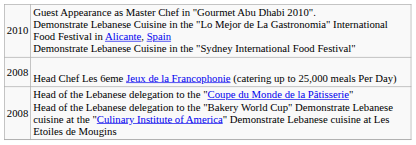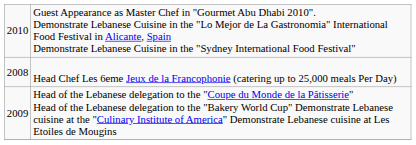 <table class="wikitable">
 <tr>
 <td>2010</td>
 <td>Guest Appearance as Master Chef in "Gourmet Abu Dhabi 2010".<br>Demonstrate Lebanese Cuisine in the "Lo Mejor de La Gastronomia" International Food Festival in <a href='#'>Alicante</a>, <a href='#'>Spain</a><br> Demonstrate Lebanese Cuisine in the "Sydney International Food Festival"</td>
 </tr>
 <tr>
 <td>2008</td>
 <td><br>Head Chef Les 6eme <a href='#'>Jeux de la Francophonie</a> (catering up to 25,000 meals Per Day)</td>
 </tr>
 <tr>
-<td>2008</td>
+<td>2009</td>
 <td>Head of the Lebanese delegation to the "<a href='#'>Coupe du Monde de la Pâtisserie</a>"<br>Head of the Lebanese delegation to the "Bakery World Cup" Demonstrate Lebanese cuisine at the "<a href='#'>Culinary Institute of America</a>" Demonstrate Lebanese cuisine at Les Etoiles de Mougins</td>
 </tr>
 <tr>
 </tr>
 </table>
